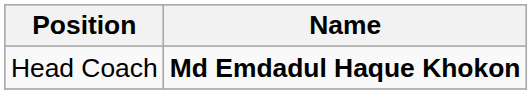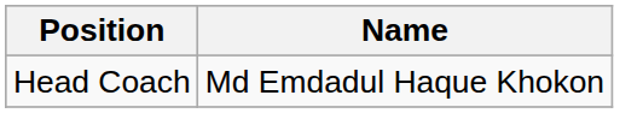 <table class="wikitable">
 <tr>
 <th>Position</th>
 <th>Name</th>
 </tr>
 <tr>
 <td>Head Coach</td>
-<td><strong> Md Emdadul Haque Khokon</strong></td>
+<td> Md Emdadul Haque Khokon</td>
 </tr>
 </table>
